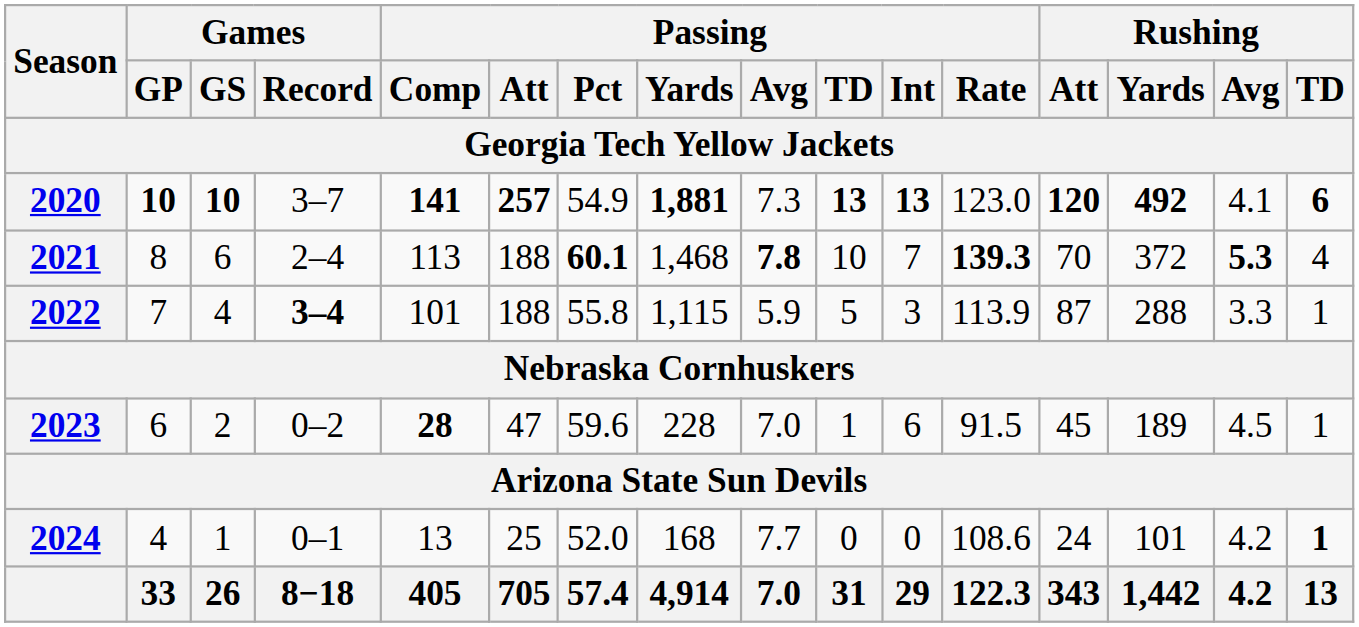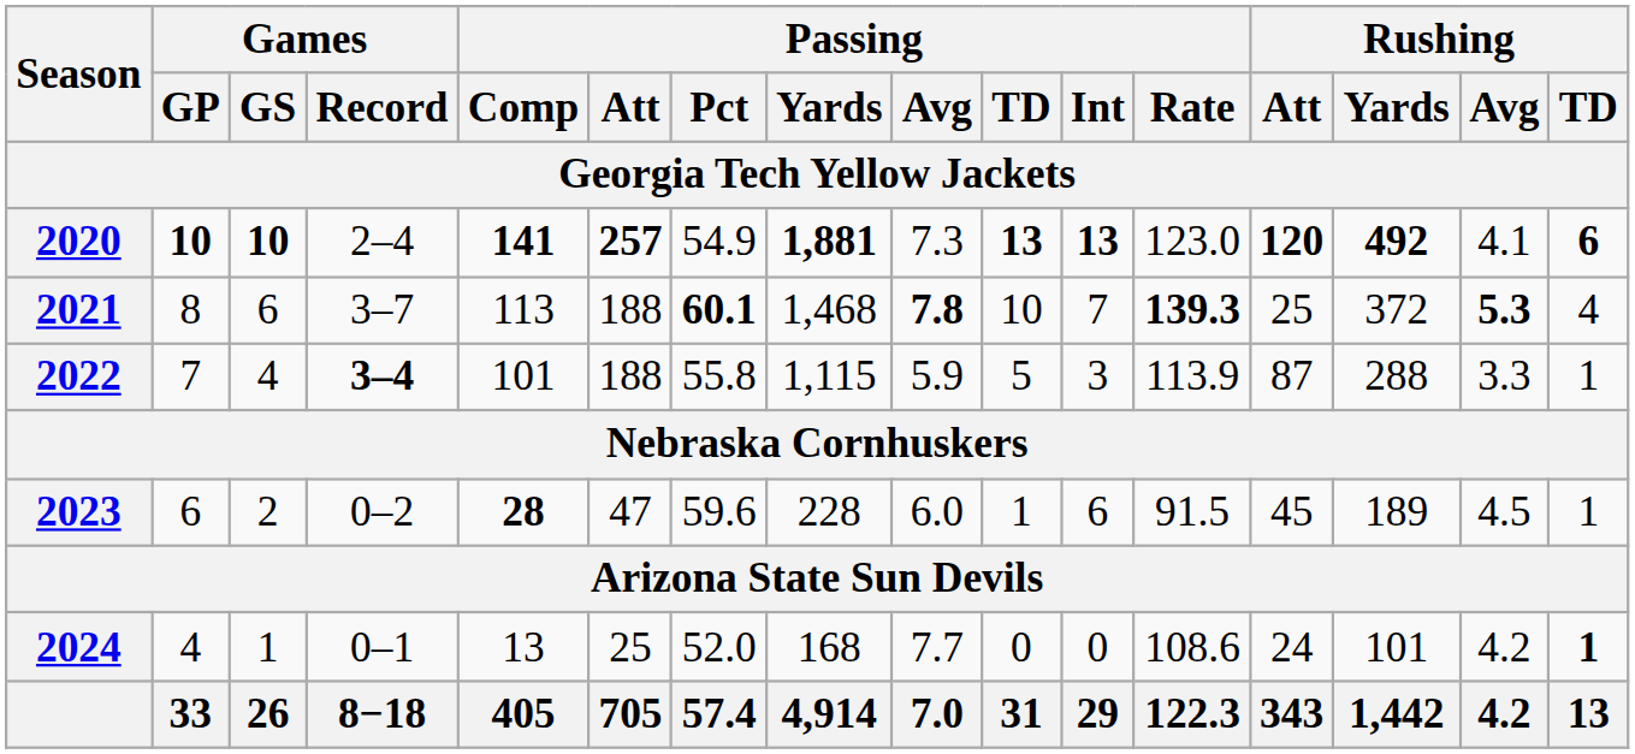 <table class="wikitable" style="text-align:center;">
 <tr>
 <th rowspan="2">Season</th>
 <th colspan="3">Games</th>
 <th colspan="8">Passing</th>
 <th colspan="5">Rushing</th>
 </tr>
 <tr>
 <th>GP</th>
 <th>GS</th>
 <th>Record</th>
 <th>Comp</th>
 <th>Att</th>
 <th>Pct</th>
 <th>Yards</th>
 <th>Avg</th>
 <th>TD</th>
 <th>Int</th>
 <th>Rate</th>
 <th>Att</th>
 <th>Yards</th>
 <th>Avg</th>
 <th>TD</th>
 </tr>
 <tr>
 <th colspan="16">Georgia Tech Yellow Jackets</th>
 </tr>
 <tr>
 <th><a href='#'>2020</a></th>
 <td><strong>10</strong></td>
 <td><strong>10</strong></td>
-<td>3–7</td>
+<td>2–4</td>
 <td><strong>141</strong></td>
 <td><strong>257</strong></td>
 <td>54.9</td>
 <td><strong>1,881</strong></td>
 <td>7.3</td>
 <td><strong>13</strong></td>
 <td><strong>13</strong></td>
 <td>123.0</td>
 <td><strong>120</strong></td>
 <td><strong>492</strong></td>
 <td>4.1</td>
 <td><strong>6</strong></td>
 </tr>
 <tr>
 <th><a href='#'>2021</a></th>
 <td>8</td>
 <td>6</td>
-<td>2–4</td>
+<td>3–7</td>
 <td>113</td>
 <td>188</td>
 <td><strong>60.1</strong></td>
 <td>1,468</td>
 <td><strong>7.8</strong></td>
 <td>10</td>
 <td>7</td>
 <td><strong>139.3</strong></td>
-<td>70</td>
+<td>25</td>
 <td>372</td>
 <td><strong>5.3</strong></td>
 <td>4</td>
 </tr>
 <tr>
 <th><a href='#'>2022</a></th>
 <td>7</td>
 <td>4</td>
 <td><strong>3–4</strong></td>
 <td>101</td>
 <td>188</td>
 <td>55.8</td>
 <td>1,115</td>
 <td>5.9</td>
 <td>5</td>
 <td>3</td>
 <td>113.9</td>
 <td>87</td>
 <td>288</td>
 <td>3.3</td>
 <td>1</td>
 </tr>
 <tr>
 <th colspan="16">Nebraska Cornhuskers</th>
 </tr>
 <tr>
 <th><a href='#'>2023</a></th>
 <td>6</td>
 <td>2</td>
 <td>0–2</td>
 <td><strong>28</strong></td>
 <td>47</td>
 <td>59.6</td>
 <td>228</td>
-<td>7.0</td>
+<td>6.0</td>
 <td>1</td>
 <td>6</td>
 <td>91.5</td>
 <td>45</td>
 <td>189</td>
 <td>4.5</td>
 <td>1</td>
 </tr>
 <tr>
 <th colspan="16">Arizona State Sun Devils</th>
 </tr>
 <tr>
 <th><a href='#'>2024</a></th>
 <td>4</td>
 <td>1</td>
 <td>0–1</td>
 <td>13</td>
 <td>25</td>
 <td>52.0</td>
 <td>168</td>
 <td>7.7</td>
 <td>0</td>
 <td>0</td>
 <td>108.6</td>
 <td>24</td>
 <td>101</td>
 <td>4.2</td>
 <td><strong>1</strong></td>
 </tr>
 <tr>
 <th></th>
 <th>33</th>
 <th>26</th>
 <th>8−18</th>
 <th>405</th>
 <th>705</th>
 <th>57.4</th>
 <th>4,914</th>
 <th>7.0</th>
 <th>31</th>
 <th>29</th>
 <th>122.3</th>
 <th>343</th>
 <th>1,442</th>
 <th>4.2</th>
 <th>13</th>
 </tr>
 </table>
